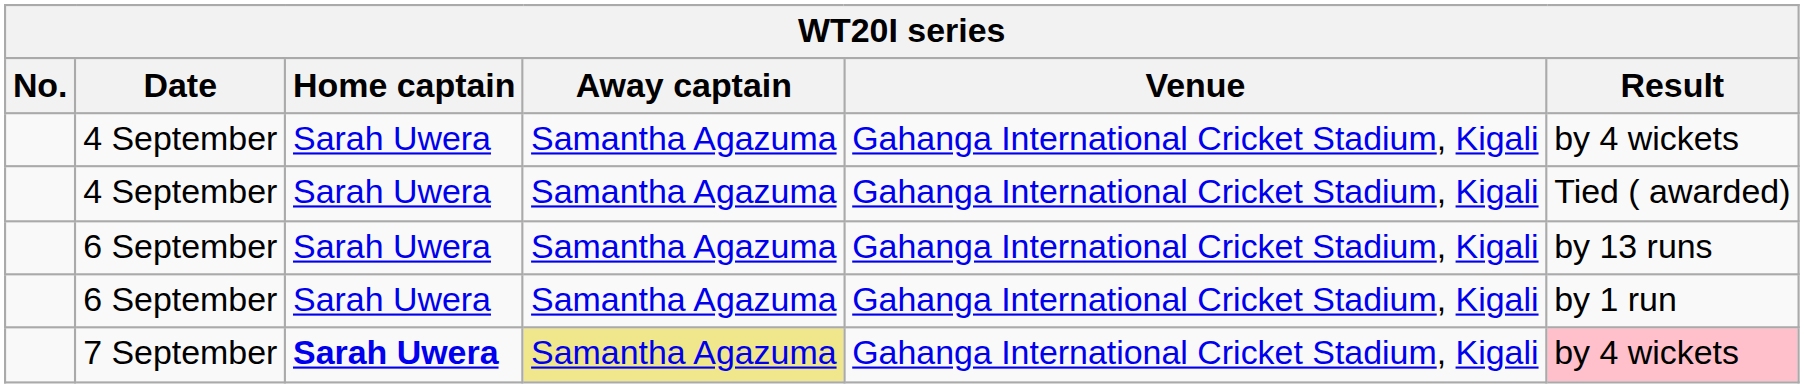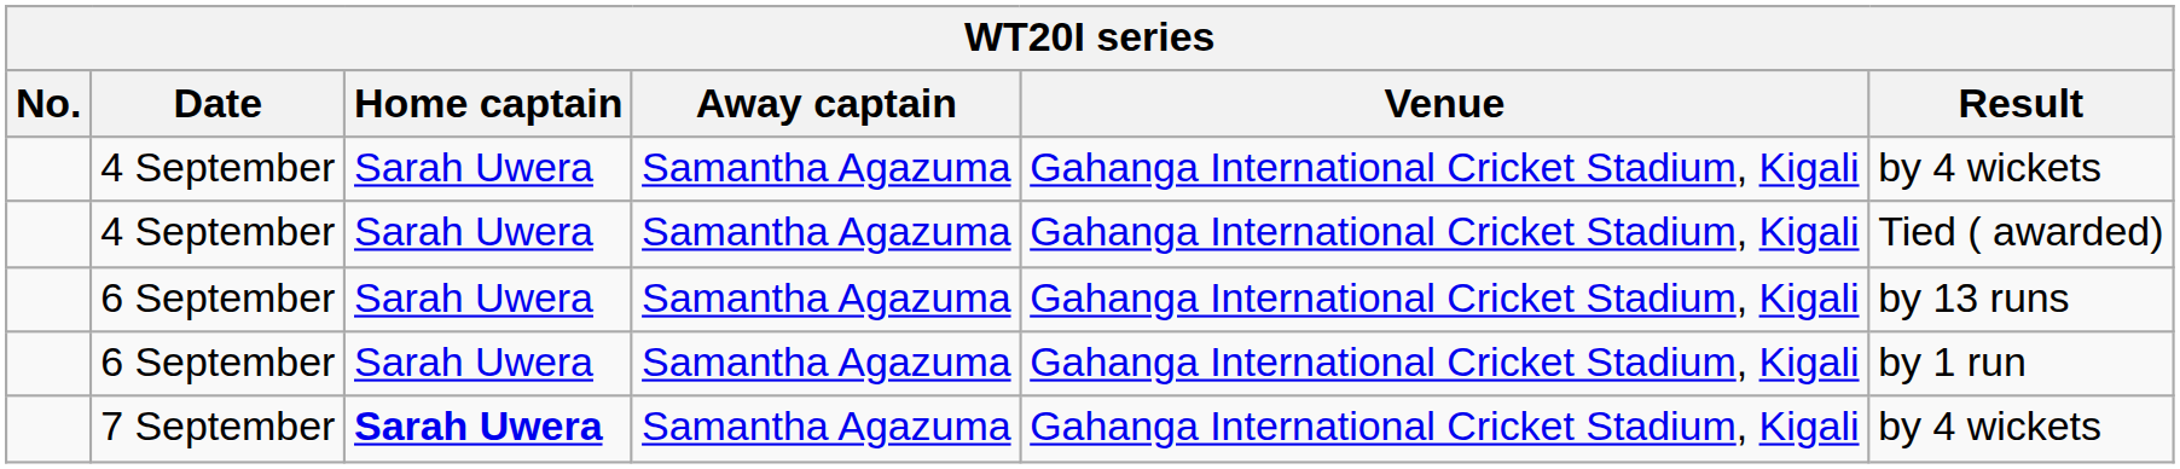 <table class="wikitable">
 <tr>
 <th colspan="8">WT20I series</th>
 </tr>
 <tr>
 <th>No.</th>
 <th>Date</th>
 <th>Home captain</th>
 <th>Away captain</th>
 <th>Venue</th>
 <th>Result</th>
 </tr>
 <tr>
 <td></td>
 <td>4 September</td>
 <td><a href='#'>Sarah Uwera</a></td>
 <td><a href='#'>Samantha Agazuma</a></td>
 <td><a href='#'>Gahanga International Cricket Stadium</a>, <a href='#'>Kigali</a></td>
 <td> by 4 wickets</td>
 </tr>
 <tr>
 <td></td>
 <td>4 September</td>
 <td><a href='#'>Sarah Uwera</a></td>
 <td><a href='#'>Samantha Agazuma</a></td>
 <td><a href='#'>Gahanga International Cricket Stadium</a>, <a href='#'>Kigali</a></td>
 <td>Tied ( awarded)</td>
 </tr>
 <tr>
 <td></td>
 <td>6 September</td>
 <td><a href='#'>Sarah Uwera</a></td>
 <td><a href='#'>Samantha Agazuma</a></td>
 <td><a href='#'>Gahanga International Cricket Stadium</a>, <a href='#'>Kigali</a></td>
 <td> by 13 runs</td>
 </tr>
 <tr>
 <td></td>
 <td>6 September</td>
 <td><a href='#'>Sarah Uwera</a></td>
 <td><a href='#'>Samantha Agazuma</a></td>
 <td><a href='#'>Gahanga International Cricket Stadium</a>, <a href='#'>Kigali</a></td>
 <td> by 1 run</td>
 </tr>
 <tr>
 <td></td>
 <td>7 September</td>
 <td><strong><a href='#'>Sarah Uwera</a></strong></td>
-<td style="background: khaki;"><a href='#'>Samantha Agazuma</a></td>
+<td><a href='#'>Samantha Agazuma</a></td>
 <td><a href='#'>Gahanga International Cricket Stadium</a>, <a href='#'>Kigali</a></td>
-<td style="background: pink;"> by 4 wickets</td>
+<td> by 4 wickets</td>
 </tr>
 </table>
